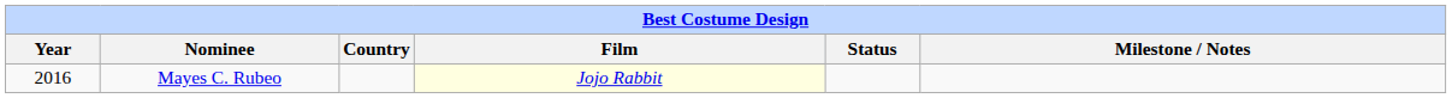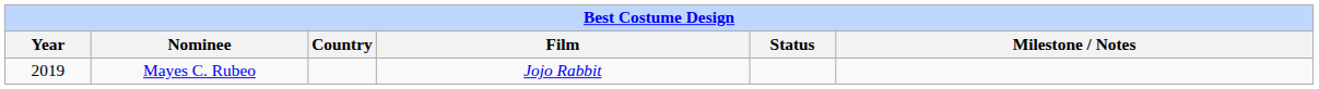 <table class="wikitable" style="text-align: center">
 <tr style="background:#bfd7ff;">
 <td colspan="6" style="text-align:center;"><strong><a href='#'>Best Costume Design</a></strong></td>
 </tr>
 <tr style="background:#ebf5ff;">
 <th style="width:75px;">Year</th>
 <th style="width:200px;">Nominee</th>
 <th style="width:50px;">Country</th>
 <th style="width:350px;">Film</th>
 <th style="width:75px;">Status</th>
 <th style="width:450px;">Milestone / Notes</th>
 </tr>
 <tr>
-<td style="text-align: center">2016</td>
+<td style="text-align: center">2019</td>
 <td><a href='#'>Mayes C. Rubeo</a></td>
 <td></td>
-<td style="background: lightyellow;"><em><a href='#'>Jojo Rabbit</a></em></td>
+<td><em><a href='#'>Jojo Rabbit</a></em></td>
 <td></td>
 <td></td>
 </tr>
 </table>
